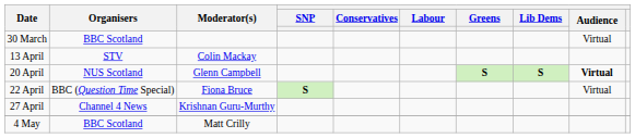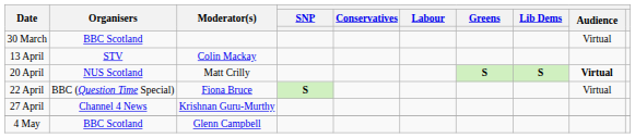 <table class="wikitable" style="font-size:95%; text-align:center;">
 <tr>
 <th rowspan="3">Date</th>
 <th rowspan="3">Organisers</th>
 <th rowspan="3">Moderator(s)</th>
 <th colspan="9">       </th>
 </tr>
 <tr>
 <th scope="col" style="width:5em;"><a href='#'>SNP</a></th>
 <th scope="col" style="width:5em;"><a href='#'>Conservatives</a></th>
 <th scope="col" style="width:5em;"><a href='#'>Labour</a></th>
 <th scope="col" style="width:5em;"><a href='#'>Greens</a></th>
 <th scope="col" style="width:5em;"><a href='#'>Lib Dems</a></th>
 <th rowspan="2" scope="col" style="width:5em;">Audience</th>
 <th rowspan="2"></th>
 </tr>
 <tr>
 <th style="color:inherit;background:"></th>
 <th style="color:inherit;background:"></th>
 <th style="color:inherit;background:"></th>
 <th style="color:inherit;background:"></th>
 <th style="color:inherit;background:"></th>
 </tr>
 <tr>
 <td style="white-space:nowrap; text-align:left;">30 March</td>
 <td style="white-space:nowrap; text-align:center;"><a href='#'>BBC Scotland</a></td>
 <td style="white-space:nowrap; text-align:left;"></td>
 <td></td>
 <td></td>
 <td></td>
 <td></td>
 <td></td>
 <td>Virtual</td>
 <td></td>
 </tr>
 <tr>
 <td>13 April</td>
 <td><a href='#'>STV</a></td>
 <td><a href='#'>Colin Mackay</a></td>
 <td></td>
 <td></td>
 <td></td>
 <td></td>
 <td></td>
 <td></td>
 <td></td>
 </tr>
 <tr>
 <td>20 April</td>
 <td><a href='#'>NUS Scotland</a></td>
-<td><a href='#'>Glenn Campbell</a></td>
+<td>Matt Crilly</td>
 <td></td>
 <td></td>
 <td></td>
 <td style="background:#D0F0C0; color:black; text-align:center;"><strong>S</strong><br></td>
 <td style="background:#D0F0C0; color:black; text-align:center;"><strong>S</strong><br></td>
 <td><strong>Virtual</strong></td>
 <td></td>
 </tr>
 <tr>
 <td>22 April</td>
 <td>BBC (<a href='#'><em>Question Time</em></a> Special)</td>
 <td><a href='#'>Fiona Bruce</a></td>
 <td style="background:#D0F0C0; color:black; text-align:center;"><strong>S</strong><br></td>
 <td></td>
 <td></td>
 <td></td>
 <td></td>
 <td>Virtual</td>
 <td></td>
 </tr>
 <tr>
 <td>27 April</td>
 <td><a href='#'>Channel 4 News</a></td>
 <td><a href='#'>Krishnan Guru-Murthy</a></td>
 <td></td>
 <td></td>
 <td></td>
 <td></td>
 <td></td>
 <td></td>
 <td></td>
 </tr>
 <tr>
 </tr>
 <tr>
 <td>4 May</td>
 <td><a href='#'>BBC Scotland</a></td>
-<td>Matt Crilly</td>
+<td><a href='#'>Glenn Campbell</a></td>
 <td></td>
 <td></td>
 <td></td>
 <td></td>
 <td></td>
 <td></td>
 <td></td>
 </tr>
 </table>
